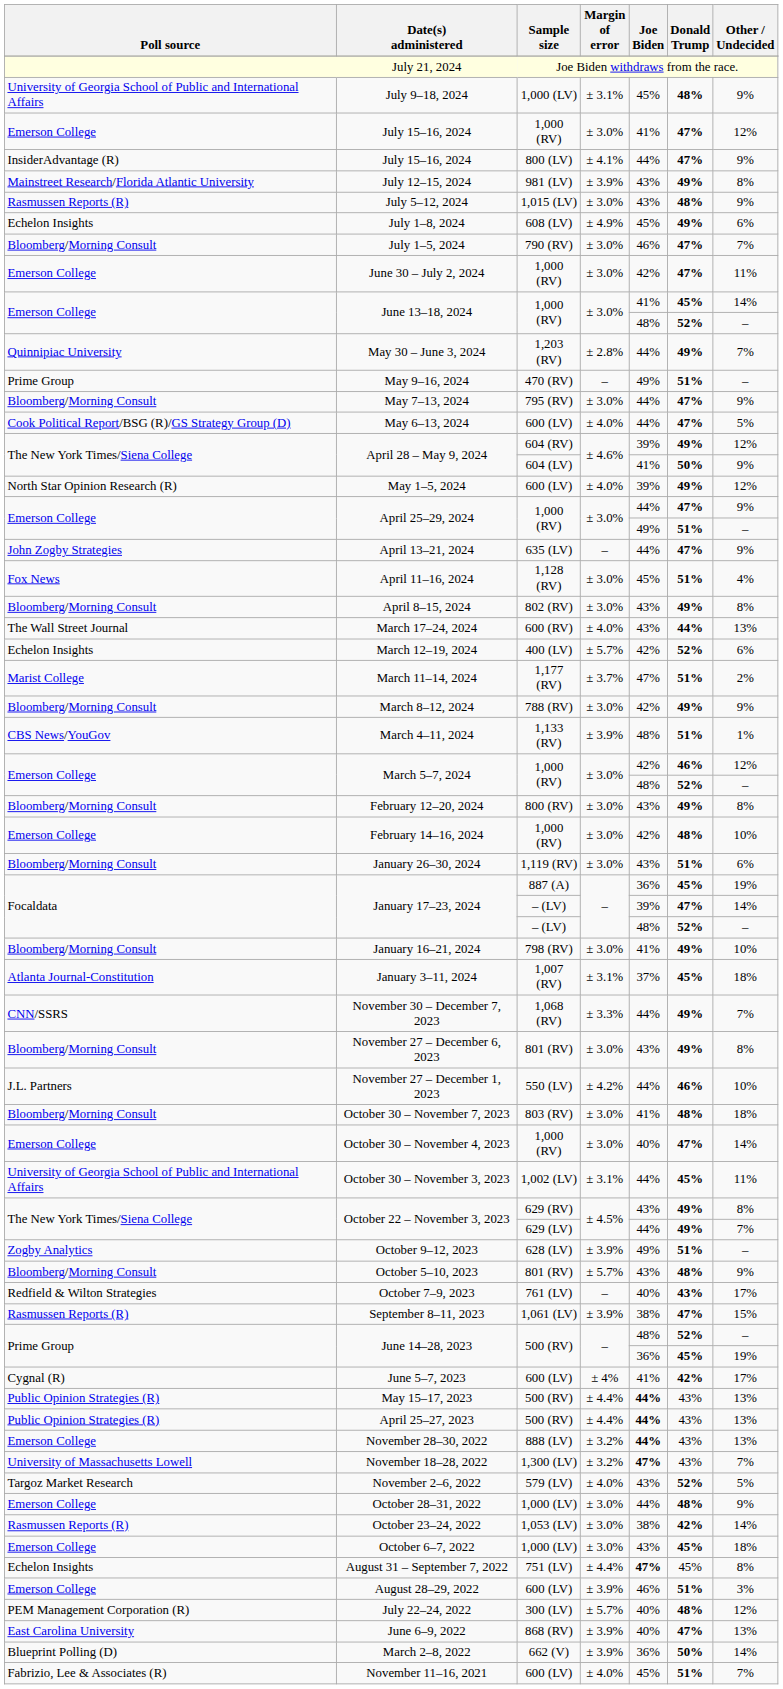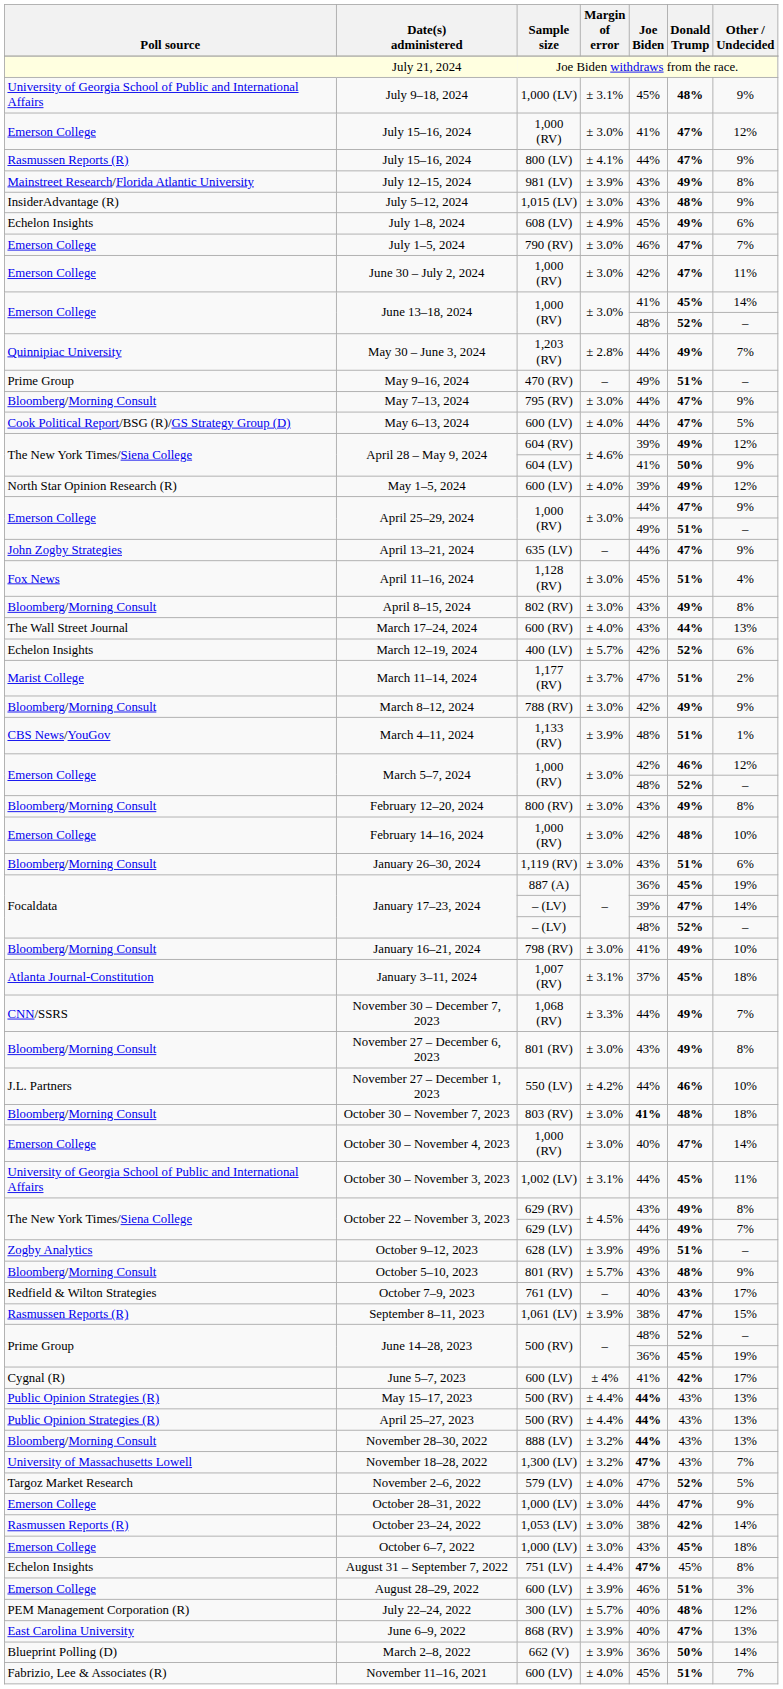 <table class="wikitable sortable mw-datatable" style="font-size:90%;text-align:center;line-height:17px">
 <tr valign=bottom>
 <th>Poll source</th>
 <th>Date(s)<br>administered</th>
 <th>Sample<br>size</th>
 <th>Margin<br>of error</th>
 <th class="unsortable">Joe<br>Biden<br></th>
 <th class="unsortable">Donald<br>Trump<br></th>
 <th class="unsortable">Other /<br>Undecided</th>
 </tr>
 <tr>
 </tr>
 <tr style="background:lightyellow;">
 <td style="border-right-style:hidden;"></td>
 <td style="border-right-style:hidden; " data-sort-value="2024-07-21">July 21, 2024</td>
 <td colspan="5">Joe Biden <a href='#'>withdraws</a> from the race.</td>
 </tr>
 <tr>
 <td style="text-align:left;"><a href='#'>University of Georgia School of Public and International Affairs</a></td>
 <td data-sort-value="2024-7-21">July 9–18, 2024</td>
 <td>1,000 (LV)</td>
 <td>± 3.1%</td>
 <td>45%</td>
 <td style="background-color:"><strong>48%</strong></td>
 <td>9%</td>
 </tr>
 <tr>
 <td style="text-align:left;"><a href='#'>Emerson College</a></td>
 <td data-sort-value="2024-07-18">July 15–16, 2024</td>
 <td>1,000 (RV)</td>
 <td>± 3.0%</td>
 <td>41%</td>
 <td style="background-color:"><strong>47%</strong></td>
 <td>12%</td>
 </tr>
 <tr>
-<td style="text-align:left;">InsiderAdvantage (R)</td>
+<td style="text-align:left;"><a href='#'>Rasmussen Reports (R)</a></td>
 <td data-sort-value="2024-07-16">July 15–16, 2024</td>
 <td>800 (LV)</td>
 <td>± 4.1%</td>
 <td>44%</td>
 <td style="background-color:"><strong>47%</strong></td>
 <td>9%</td>
 </tr>
 <tr>
 <td style="text-align:left;"><a href='#'>Mainstreet Research</a>/<a href='#'>Florida Atlantic University</a></td>
 <td data-sort-value="2024-07-17">July 12–15, 2024</td>
 <td>981 (LV)</td>
 <td>± 3.9%</td>
 <td>43%</td>
 <td style="background-color:"><strong>49%</strong></td>
 <td>8%</td>
 </tr>
 <tr>
-<td style="text-align:left;"><a href='#'>Rasmussen Reports (R)</a></td>
+<td style="text-align:left;">InsiderAdvantage (R)</td>
 <td data-sort-value="2024-07-19">July 5–12, 2024</td>
 <td>1,015 (LV)</td>
 <td>± 3.0%</td>
 <td>43%</td>
 <td style="background-color:"><strong>48%</strong></td>
 <td>9%</td>
 </tr>
 <tr>
 <td style="text-align:left;">Echelon Insights</td>
 <td data-sort-value="2024-07-08">July 1–8, 2024</td>
 <td>608 (LV)</td>
 <td>± 4.9%</td>
 <td>45%</td>
 <td style="background-color:"><strong>49%</strong></td>
 <td>6%</td>
 </tr>
 <tr>
-<td style="text-align:left;"><a href='#'>Bloomberg</a>/<a href='#'>Morning Consult</a></td>
+<td style="text-align:left;"><a href='#'>Emerson College</a></td>
 <td data-sort-value="2024-07-06">July 1–5, 2024</td>
 <td>790 (RV)</td>
 <td>± 3.0%</td>
 <td>46%</td>
 <td style="background-color:"><strong>47%</strong></td>
 <td>7%</td>
 </tr>
 <tr>
 <td style="text-align:left;"><a href='#'>Emerson College</a></td>
 <td data-sort-value="2024-07-08">June 30 – July 2, 2024</td>
 <td>1,000 (RV)</td>
 <td>± 3.0%</td>
 <td>42%</td>
 <td style="background-color:"><strong>47%</strong></td>
 <td>11%</td>
 </tr>
 <tr>
 <td style="text-align:left;" rowspan="2"><a href='#'>Emerson College</a></td>
 <td rowspan="2">June 13–18, 2024</td>
 <td rowspan="2">1,000 (RV)</td>
 <td rowspan="2">± 3.0%</td>
 <td>41%</td>
 <td style="background-color:"><strong>45%</strong></td>
 <td>14%</td>
 </tr>
 <tr>
 <td>48%</td>
 <td style="background-color:"><strong>52%</strong></td>
 <td>–</td>
 </tr>
 <tr>
 <td style="text-align:left;"><a href='#'>Quinnipiac University</a></td>
 <td data-sort-value="2024-06-05">May 30 – June 3, 2024</td>
 <td>1,203 (RV)</td>
 <td>± 2.8%</td>
 <td>44%</td>
 <td style="background-color:"><strong>49%</strong></td>
 <td>7%</td>
 </tr>
 <tr>
 <td style="text-align:left;">Prime Group</td>
 <td data-sort-value="2024-05-22">May 9–16, 2024</td>
 <td>470 (RV)</td>
 <td>–</td>
 <td>49%</td>
 <td style="background-color:"><strong>51%</strong></td>
 <td>–</td>
 </tr>
 <tr>
 <td style="text-align:left;"><a href='#'>Bloomberg</a>/<a href='#'>Morning Consult</a></td>
 <td data-sort-value="2024-05-22">May 7–13, 2024</td>
 <td>795 (RV)</td>
 <td>± 3.0%</td>
 <td>44%</td>
 <td style="background-color:"><strong>47%</strong></td>
 <td>9%</td>
 </tr>
 <tr>
 <td style="text-align:left;"><a href='#'>Cook Political Report</a>/BSG (R)/<a href='#'>GS Strategy Group (D)</a></td>
 <td data-sort-value="2024-05-24">May 6–13, 2024</td>
 <td>600 (LV)</td>
 <td>± 4.0%</td>
 <td>44%</td>
 <td style="background-color:"><strong>47%</strong></td>
 <td>5%</td>
 </tr>
 <tr>
 <td style="text-align:left;" rowspan="2">The New York Times/<a href='#'>Siena College</a></td>
 <td rowspan="2">April 28 – May 9, 2024</td>
 <td>604 (RV)</td>
 <td rowspan="2">± 4.6%</td>
 <td>39%</td>
 <td style="background-color:"><strong>49%</strong></td>
 <td>12%</td>
 </tr>
 <tr>
 <td>604 (LV)</td>
 <td>41%</td>
 <td style="background-color:"><strong>50%</strong></td>
 <td>9%</td>
 </tr>
 <tr>
 <td style="text-align:left;">North Star Opinion Research (R)</td>
 <td data-sort-value="2024-05-12">May 1–5, 2024</td>
 <td>600 (LV)</td>
 <td>± 4.0%</td>
 <td>39%</td>
 <td style="background-color:"><strong>49%</strong></td>
 <td>12%</td>
 </tr>
 <tr>
 <td style="text-align:left;" rowspan="2"><a href='#'>Emerson College</a></td>
 <td rowspan="2">April 25–29, 2024</td>
 <td rowspan="2">1,000 (RV)</td>
 <td rowspan="2">± 3.0%</td>
 <td>44%</td>
 <td style="background-color:"><strong>47%</strong></td>
 <td>9%</td>
 </tr>
 <tr>
 <td>49%</td>
 <td style="background-color:"><strong>51%</strong></td>
 <td>–</td>
 </tr>
 <tr>
 <td style="text-align:left;"><a href='#'>John Zogby Strategies</a></td>
 <td data-sort-value="2024-05-01">April 13–21, 2024</td>
 <td>635 (LV)</td>
 <td>–</td>
 <td>44%</td>
 <td style="background-color:"><strong>47%</strong></td>
 <td>9%</td>
 </tr>
 <tr>
 <td style="text-align:left;"><a href='#'>Fox News</a></td>
 <td data-sort-value="2024-04-18">April 11–16, 2024</td>
 <td>1,128 (RV)</td>
 <td>± 3.0%</td>
 <td>45%</td>
 <td style="background-color:"><strong>51%</strong></td>
 <td>4%</td>
 </tr>
 <tr>
 <td style="text-align:left;"><a href='#'>Bloomberg</a>/<a href='#'>Morning Consult</a></td>
 <td data-sort-value="2024-04-24">April 8–15, 2024</td>
 <td>802 (RV)</td>
 <td>± 3.0%</td>
 <td>43%</td>
 <td style="background-color:"><strong>49%</strong></td>
 <td>8%</td>
 </tr>
 <tr>
 <td style="text-align:left;">The Wall Street Journal</td>
 <td data-sort-value="2024-04-02">March 17–24, 2024</td>
 <td>600 (RV)</td>
 <td>± 4.0%</td>
 <td>43%</td>
 <td style="background-color:"><strong>44%</strong></td>
 <td>13%</td>
 </tr>
 <tr>
 <td style="text-align:left;">Echelon Insights</td>
 <td data-sort-value="2024-04-15">March 12–19, 2024</td>
 <td>400 (LV)</td>
 <td>± 5.7%</td>
 <td>42%</td>
 <td style="background-color:"><strong>52%</strong></td>
 <td>6%</td>
 </tr>
 <tr>
 <td style="text-align:left;"><a href='#'>Marist College</a></td>
 <td data-sort-value="2024-03-20">March 11–14, 2024</td>
 <td>1,177 (RV)</td>
 <td>± 3.7%</td>
 <td>47%</td>
 <td style="background-color:"><strong>51%</strong></td>
 <td>2%</td>
 </tr>
 <tr>
 <td style="text-align:left;"><a href='#'>Bloomberg</a>/<a href='#'>Morning Consult</a></td>
 <td data-sort-value="2024-03-26">March 8–12, 2024</td>
 <td>788 (RV)</td>
 <td>± 3.0%</td>
 <td>42%</td>
 <td style="background-color:"><strong>49%</strong></td>
 <td>9%</td>
 </tr>
 <tr>
 <td style="text-align:left;"><a href='#'>CBS News</a>/<a href='#'>YouGov</a></td>
 <td data-sort-value="2024-03-12">March 4–11, 2024</td>
 <td>1,133 (RV)</td>
 <td>± 3.9%</td>
 <td>48%</td>
 <td style="background-color:"><strong>51%</strong></td>
 <td>1%</td>
 </tr>
 <tr>
 <td style="text-align:left;" rowspan="2"><a href='#'>Emerson College</a></td>
 <td rowspan="2">March 5–7, 2024</td>
 <td rowspan="2">1,000 (RV)</td>
 <td rowspan="2">± 3.0%</td>
 <td>42%</td>
 <td style="background-color:"><strong>46%</strong></td>
 <td>12%</td>
 </tr>
 <tr>
 <td>48%</td>
 <td style="background-color:"><strong>52%</strong></td>
 <td>–</td>
 </tr>
 <tr>
 <td style="text-align:left;"><a href='#'>Bloomberg</a>/<a href='#'>Morning Consult</a></td>
 <td data-sort-value="2024-02-29">February 12–20, 2024</td>
 <td>800 (RV)</td>
 <td>± 3.0%</td>
 <td>43%</td>
 <td style="background-color:"><strong>49%</strong></td>
 <td>8%</td>
 </tr>
 <tr>
 <td style="text-align:left;"><a href='#'>Emerson College</a></td>
 <td data-sort-value="2024-02-21">February 14–16, 2024</td>
 <td>1,000 (RV)</td>
 <td>± 3.0%</td>
 <td>42%</td>
 <td style="background-color:"><strong>48%</strong></td>
 <td>10%</td>
 </tr>
 <tr>
 <td style="text-align:left;"><a href='#'>Bloomberg</a>/<a href='#'>Morning Consult</a></td>
 <td data-sort-value="2024-01-31">January 26–30, 2024</td>
 <td>1,119 (RV)</td>
 <td>± 3.0%</td>
 <td>43%</td>
 <td style="background-color:"><strong>51%</strong></td>
 <td>6%</td>
 </tr>
 <tr>
 <td style="text-align:left;" rowspan="3">Focaldata</td>
 <td rowspan="3">January 17–23, 2024</td>
 <td>887 (A)</td>
 <td rowspan="3">–</td>
 <td>36%</td>
 <td style="background-color:"><strong>45%</strong></td>
 <td>19%</td>
 </tr>
 <tr>
 <td>– (LV)</td>
 <td>39%</td>
 <td style="background-color:"><strong>47%</strong></td>
 <td>14%</td>
 </tr>
 <tr>
 <td>– (LV)</td>
 <td>48%</td>
 <td style="background-color:"><strong>52%</strong></td>
 <td>–</td>
 </tr>
 <tr>
 <td style="text-align:left;"><a href='#'>Bloomberg</a>/<a href='#'>Morning Consult</a></td>
 <td data-sort-value="2024-01-31">January 16–21, 2024</td>
 <td>798 (RV)</td>
 <td>± 3.0%</td>
 <td>41%</td>
 <td style="background-color:"><strong>49%</strong></td>
 <td>10%</td>
 </tr>
 <tr>
 <td style="text-align:left;"><a href='#'>Atlanta Journal-Constitution</a></td>
 <td data-sort-value="2024-01-17">January 3–11, 2024</td>
 <td>1,007 (RV)</td>
 <td>± 3.1%</td>
 <td>37%</td>
 <td style="background-color:"><strong>45%</strong></td>
 <td>18%</td>
 </tr>
 <tr>
 <td style="text-align:left;"><a href='#'>CNN</a>/SSRS</td>
 <td data-sort-value="2023-12-11">November 30 – December 7, 2023</td>
 <td>1,068 (RV)</td>
 <td>± 3.3%</td>
 <td>44%</td>
 <td style="background-color:"><strong>49%</strong></td>
 <td>7%</td>
 </tr>
 <tr>
 <td style="text-align:left;"><a href='#'>Bloomberg</a>/<a href='#'>Morning Consult</a></td>
 <td data-sort-value="2023-12-14">November 27 – December 6, 2023</td>
 <td>801 (RV)</td>
 <td>± 3.0%</td>
 <td>43%</td>
 <td style="background-color:"><strong>49%</strong></td>
 <td>8%</td>
 </tr>
 <tr>
 <td style="text-align:left;">J.L. Partners</td>
 <td data-sort-value="2023-12-01">November 27 – December 1, 2023</td>
 <td>550 (LV)</td>
 <td>± 4.2%</td>
 <td>44%</td>
 <td style="background-color:"><strong>46%</strong></td>
 <td>10%</td>
 </tr>
 <tr>
 <td style="text-align:left;"><a href='#'>Bloomberg</a>/<a href='#'>Morning Consult</a></td>
 <td data-sort-value="2023-11-09">October 30 – November 7, 2023</td>
 <td>803 (RV)</td>
 <td>± 3.0%</td>
-<td>41%</td>
+<td><strong>41%</strong></td>
 <td style="background-color:"><strong>48%</strong></td>
 <td>18%</td>
 </tr>
 <tr>
 <td style="text-align:left;"><a href='#'>Emerson College</a></td>
 <td data-sort-value=2023-11-05>October 30 – November 4, 2023</td>
 <td>1,000 (RV)</td>
 <td>± 3.0%</td>
 <td>40%</td>
 <td style="background-color:"><strong>47%</strong></td>
 <td>14%</td>
 </tr>
 <tr>
 <td style="text-align:left;"><a href='#'>University of Georgia School of Public and International Affairs</a></td>
 <td data-sort-value=2023-11-05>October 30 – November 3, 2023</td>
 <td>1,002 (LV)</td>
 <td>± 3.1%</td>
 <td>44%</td>
 <td style="background-color:"><strong>45%</strong></td>
 <td>11%</td>
 </tr>
 <tr>
 <td style="text-align:left;" rowspan="2">The New York Times/<a href='#'>Siena College</a></td>
 <td rowspan="2">October 22 – November 3, 2023</td>
 <td>629 (RV)</td>
 <td rowspan="2">± 4.5%</td>
 <td>43%</td>
 <td style="background-color:"><strong>49%</strong></td>
 <td>8%</td>
 </tr>
 <tr>
 <td>629 (LV)</td>
 <td>44%</td>
 <td style="background-color:"><strong>49%</strong></td>
 <td>7%</td>
 </tr>
 <tr>
 <td style="text-align:left;"><a href='#'>Zogby Analytics</a></td>
 <td data-sort-value=2023-10-12>October 9–12, 2023</td>
 <td>628 (LV)</td>
 <td>± 3.9%</td>
 <td>49%</td>
 <td style="background-color:"><strong>51%</strong></td>
 <td>–</td>
 </tr>
 <tr>
 <td style="text-align:left;"><a href='#'>Bloomberg</a>/<a href='#'>Morning Consult</a></td>
 <td data-sort-value="2023-10-19">October 5–10, 2023</td>
 <td>801 (RV)</td>
 <td>± 5.7%</td>
 <td>43%</td>
 <td style="background-color:"><strong>48%</strong></td>
 <td>9%</td>
 </tr>
 <tr>
 <td style="text-align:left;">Redfield & Wilton Strategies</td>
 <td data-sort-value=2023-10-09>October 7–9, 2023</td>
 <td>761 (LV)</td>
 <td>–</td>
 <td>40%</td>
 <td style="background-color:"><strong>43%</strong></td>
 <td>17%</td>
 </tr>
 <tr>
 <td style="text-align:left;"><a href='#'>Rasmussen Reports (R)</a></td>
 <td data-sort-value=2023-09-11>September 8–11, 2023</td>
 <td>1,061 (LV)</td>
 <td>± 3.9%</td>
 <td>38%</td>
 <td style="background-color:"><strong>47%</strong></td>
 <td>15%</td>
 </tr>
 <tr>
 <td style="text-align:left;" rowspan="2">Prime Group</td>
 <td rowspan="2">June 14–28, 2023</td>
 <td rowspan="2">500 (RV)</td>
 <td rowspan="2">–</td>
 <td>48%</td>
 <td style="background-color:"><strong>52%</strong></td>
 <td>–</td>
 </tr>
 <tr>
 <td>36%</td>
 <td style="background-color:"><strong>45%</strong></td>
 <td>19%</td>
 </tr>
 <tr>
 <td style="text-align:left;">Cygnal (R)</td>
 <td data-sort-value=2023-06-07>June 5–7, 2023</td>
 <td>600 (LV)</td>
 <td>± 4%</td>
 <td>41%</td>
 <td style="background-color:"><strong>42%</strong></td>
 <td>17%</td>
 </tr>
 <tr>
 <td style="text-align:left;"><a href='#'>Public Opinion Strategies (R)</a></td>
 <td data-sort-value=2023-05-17>May 15–17, 2023</td>
 <td>500 (RV)</td>
 <td>± 4.4%</td>
 <td style="color:black;background-color:"><strong>44%</strong></td>
 <td>43%</td>
 <td>13%</td>
 </tr>
 <tr>
 <td style="text-align:left;"><a href='#'>Public Opinion Strategies (R)</a></td>
 <td data-sort-value=2023-04-27>April 25–27, 2023</td>
 <td>500 (RV)</td>
 <td>± 4.4%</td>
 <td style="color:black;background-color:"><strong>44%</strong></td>
 <td>43%</td>
 <td>13%</td>
 </tr>
 <tr>
-<td style="text-align:left;"><a href='#'>Emerson College</a></td>
+<td style="text-align:left;"><a href='#'>Bloomberg</a>/<a href='#'>Morning Consult</a></td>
 <td data-sort-value=2022-11-30>November 28–30, 2022</td>
 <td>888 (LV)</td>
 <td>± 3.2%</td>
 <td style="color:black;background-color:"><strong>44%</strong></td>
 <td>43%</td>
 <td>13%</td>
 </tr>
 <tr>
 <td style="text-align:left;"><a href='#'>University of Massachusetts Lowell</a></td>
 <td data-sort-value=2022-11-28>November 18–28, 2022</td>
 <td>1,300 (LV)</td>
 <td>± 3.2%</td>
 <td style="color:black;background-color:"><strong>47%</strong></td>
 <td>43%</td>
 <td>7%</td>
 </tr>
 <tr>
 <td style="text-align:left;">Targoz Market Research</td>
 <td data-sort-value=2022-11-06>November 2–6, 2022</td>
 <td>579 (LV)</td>
 <td>± 4.0%</td>
-<td>43%</td>
+<td>47%</td>
 <td style="background-color:"><strong>52%</strong></td>
 <td>5%</td>
 </tr>
 <tr>
 <td style="text-align:left;"><a href='#'>Emerson College</a></td>
 <td data-sort-value=2022-10-31>October 28–31, 2022</td>
 <td>1,000 (LV)</td>
 <td>± 3.0%</td>
 <td>44%</td>
-<td style="background-color:"><strong>48%</strong></td>
+<td style="background-color:"><strong>47%</strong></td>
 <td>9%</td>
 </tr>
 <tr>
 <td style="text-align:left;"><a href='#'>Rasmussen Reports (R)</a></td>
 <td data-sort-value=2022-10-24>October 23–24, 2022</td>
 <td>1,053 (LV)</td>
 <td>± 3.0%</td>
 <td>38%</td>
 <td style="background-color:"><strong>42%</strong></td>
 <td>14%</td>
 </tr>
 <tr>
 <td style="text-align:left;"><a href='#'>Emerson College</a></td>
 <td data-sort-value=2022-10-07>October 6–7, 2022</td>
 <td>1,000 (LV)</td>
 <td>± 3.0%</td>
 <td>43%</td>
 <td style="background-color:"><strong>45%</strong></td>
 <td>18%</td>
 </tr>
 <tr>
 <td style="text-align:left;">Echelon Insights</td>
 <td data-sort-value=2022-09-07>August 31 – September 7, 2022</td>
 <td>751 (LV)</td>
 <td>± 4.4%</td>
 <td style="color:black;background-color:"><strong>47%</strong></td>
 <td>45%</td>
 <td>8%</td>
 </tr>
 <tr>
 <td style="text-align:left;"><a href='#'>Emerson College</a></td>
 <td data-sort-value=2022-08-29>August 28–29, 2022</td>
 <td>600 (LV)</td>
 <td>± 3.9%</td>
 <td>46%</td>
 <td style="background-color:"><strong>51%</strong></td>
 <td>3%</td>
 </tr>
 <tr>
 <td style="text-align:left;">PEM Management Corporation (R)</td>
 <td data-sort-value=2022-07-24>July 22–24, 2022</td>
 <td>300 (LV)</td>
 <td>± 5.7%</td>
 <td>40%</td>
 <td style="background-color:"><strong>48%</strong></td>
 <td>12%</td>
 </tr>
 <tr>
 <td style="text-align:left;"><a href='#'>East Carolina University</a></td>
 <td data-sort-value=2022-06-09>June 6–9, 2022</td>
 <td>868 (RV)</td>
 <td>± 3.9%</td>
 <td>40%</td>
 <td style="background-color:"><strong>47%</strong></td>
 <td>13%</td>
 </tr>
 <tr>
 <td style="text-align:left;">Blueprint Polling (D)</td>
 <td data-sort-value=2022-03-08>March 2–8, 2022</td>
 <td>662 (V)</td>
 <td>± 3.9%</td>
 <td>36%</td>
 <td style="background-color:"><strong>50%</strong></td>
 <td>14%</td>
 </tr>
 <tr>
 <td style="text-align:left;">Fabrizio, Lee & Associates (R)</td>
 <td data-sort-value=2021-11-16>November 11–16, 2021</td>
 <td>600 (LV)</td>
 <td>± 4.0%</td>
 <td>45%</td>
 <td style="background-color:"><strong>51%</strong></td>
 <td>7%</td>
 </tr>
 </table>
